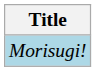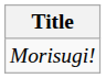 <table class="wikitable">
 <tr>
 <th>Title</th>
 </tr>
 <tr>
-<td style="background: lightblue;"><em>Morisugi!</em></td>
+<td><em>Morisugi!</em></td>
 </tr>
 </table>
